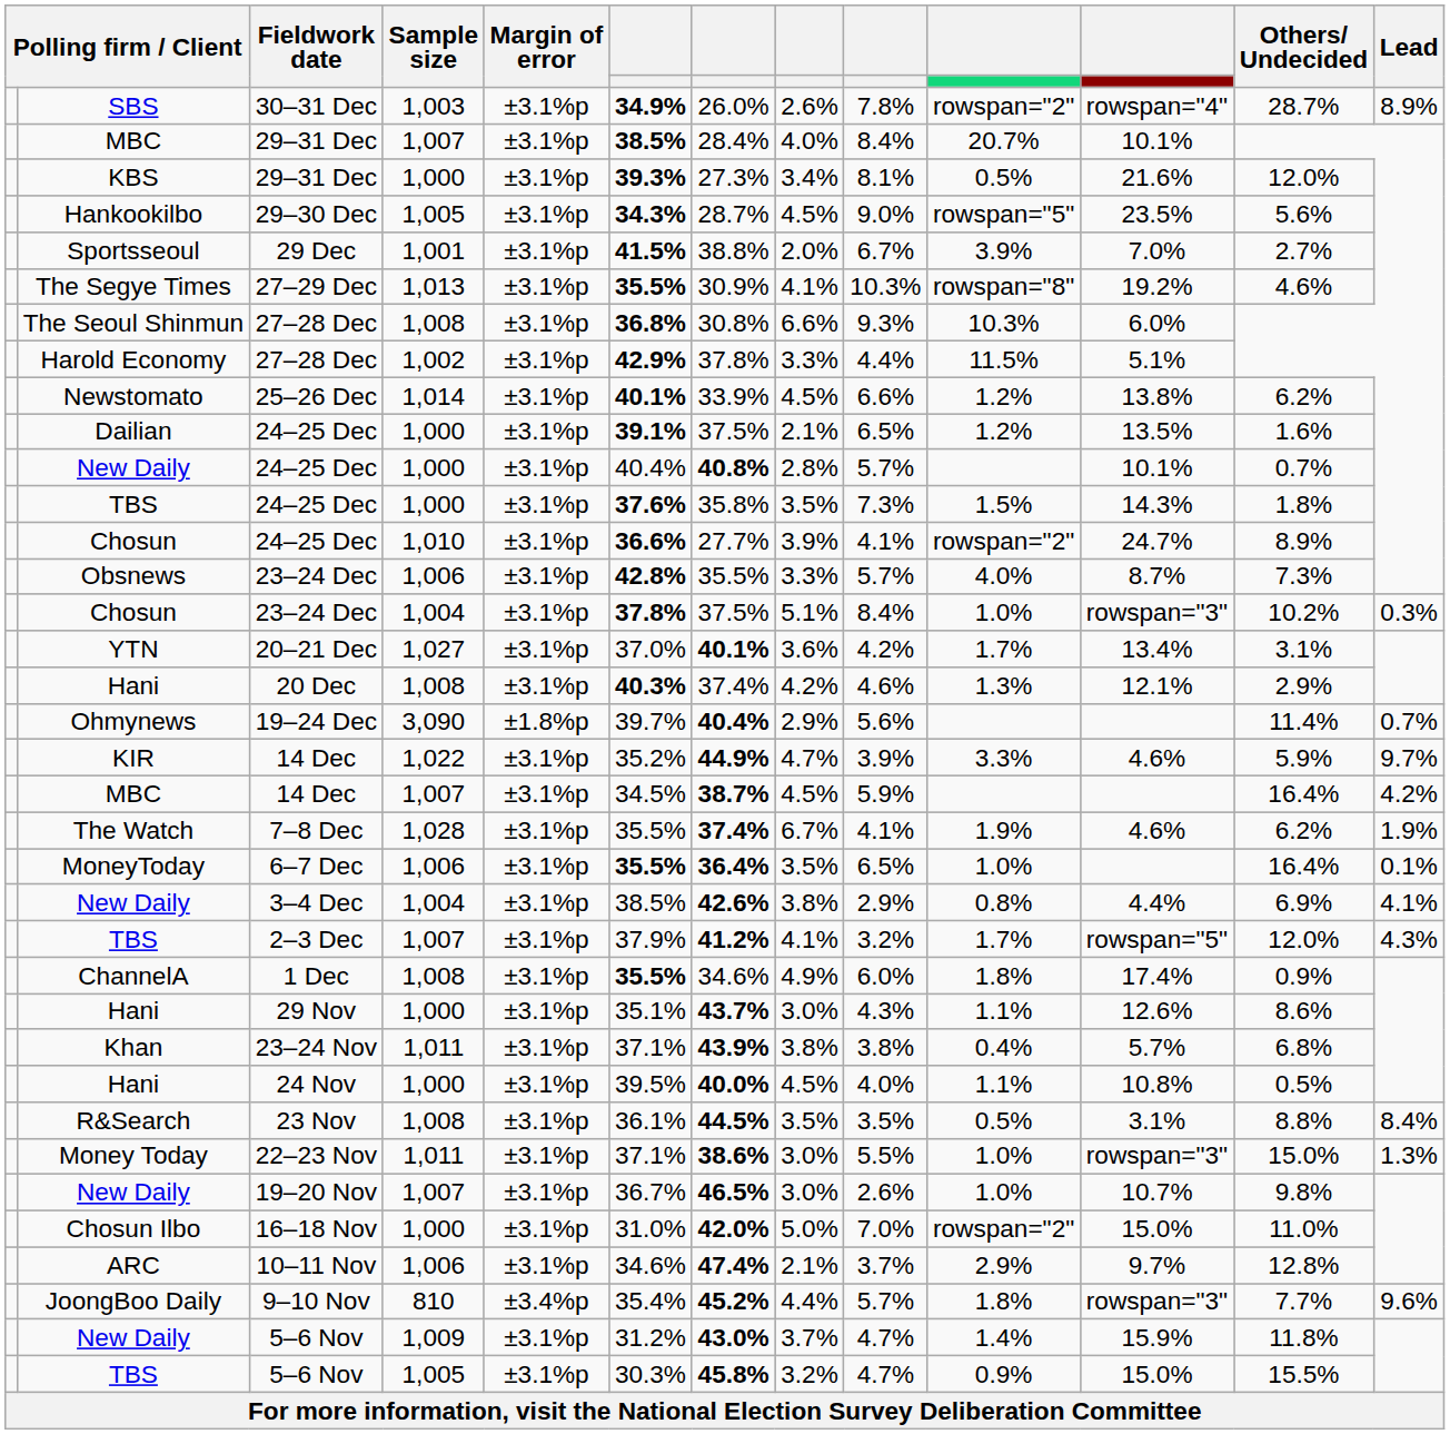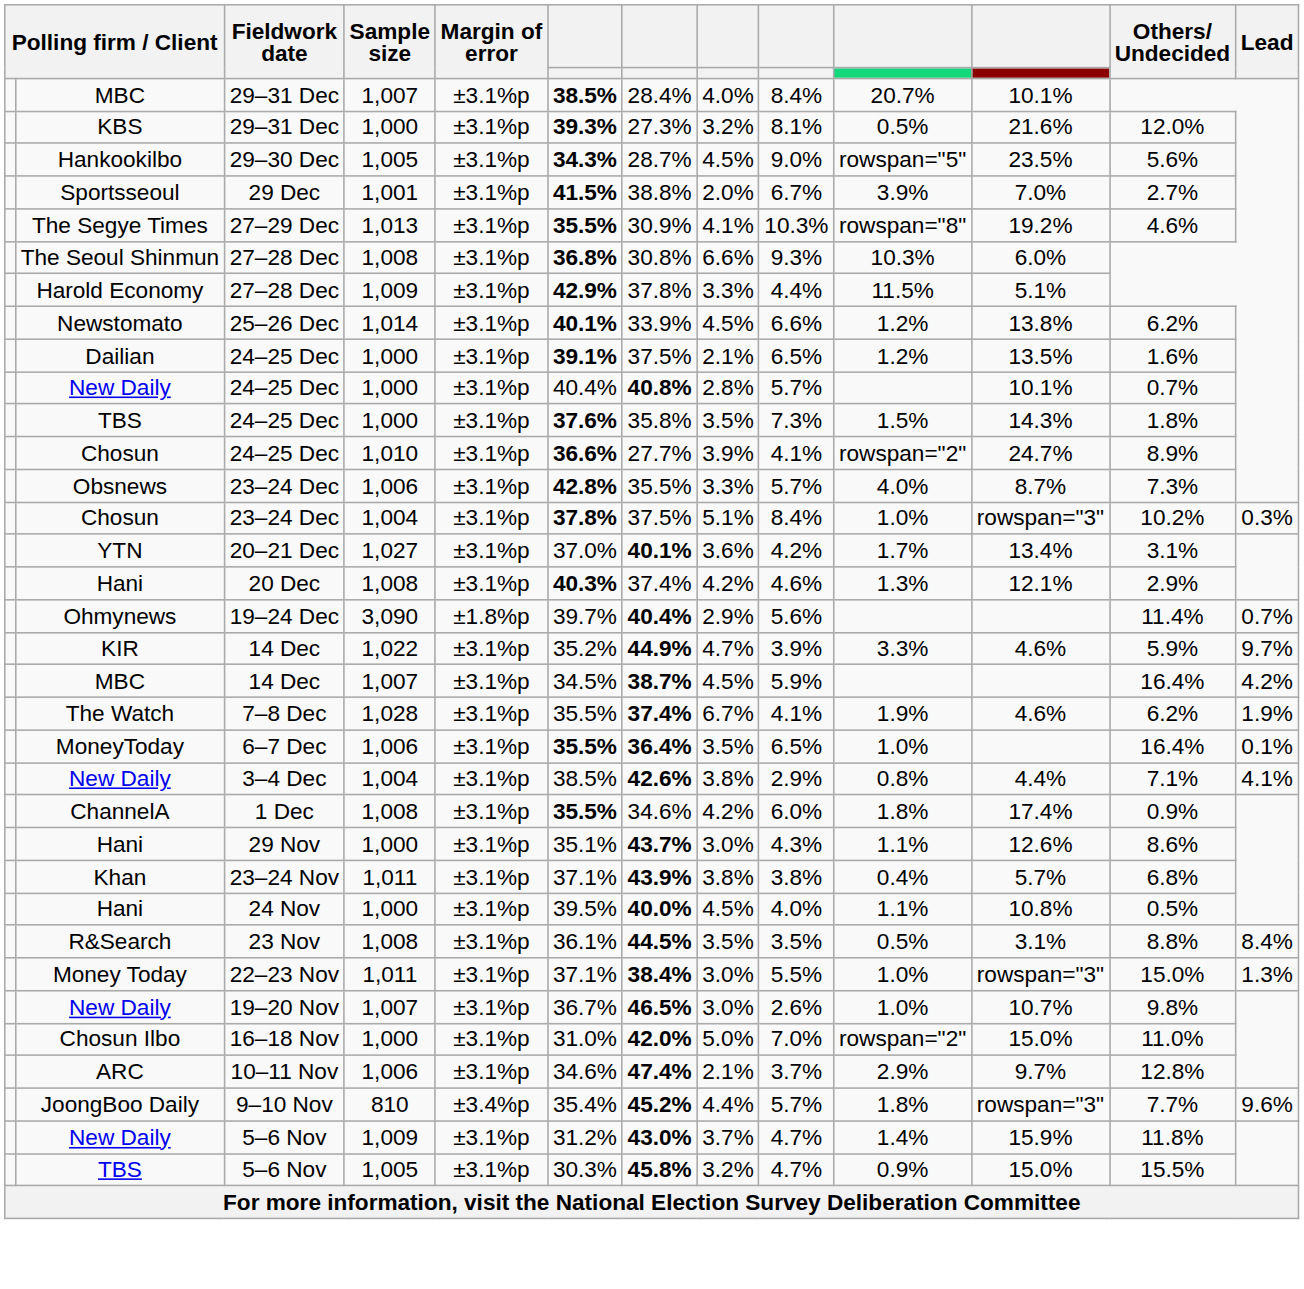 <table class="wikitable sortable mw-collapsible" style="text-align:center;font-size:90%;line-height:14px;">
 <tr style="height:40px;">
 <th rowspan="2" colspan="2" class="unsortable">Polling firm / Client</th>
 <th rowspan="2" class="unsortable">Fieldwork <br> date</th>
 <th rowspan="2" class="unsortable">Sample <br> size</th>
 <th rowspan="2" class="unsortable">Margin of <br> error</th>
 <th></th>
 <th></th>
 <th></th>
 <th></th>
 <th></th>
 <th></th>
 <th rowspan="2">Others/<br>Undecided</th>
 <th rowspan="2">Lead</th>
 </tr>
 <tr>
 <th class="unsortable" style="background-color: "></th>
 <th class="unsortable" style="background-color: "></th>
 <th class="unsortable" style="background-color: "></th>
 <th class="unsortable" style="background-color: "></th>
 <th class="unsortable" style="background-color: #12D77B"></th>
 <th class="unsortable" style="background-color: #8B0000"></th>
 </tr>
 <tr>
 <td></td>
-<td><a href='#'>SBS</a></td>
-<td>30–31 Dec</td>
-<td>1,003</td>
-<td>±3.1%p</td>
-<td><strong>34.9%</strong></td>
-<td>26.0%</td>
-<td>2.6%</td>
-<td>7.8%</td>
-<td>rowspan="2" </td>
-<td>rowspan="4" </td>
-<td>28.7%</td>
-<td style="background:">8.9%</td>
-</tr>
-<tr>
-<td></td>
 <td>MBC</td>
 <td>29–31 Dec</td>
 <td>1,007</td>
 <td>±3.1%p</td>
 <td><strong>38.5%</strong></td>
 <td>28.4%</td>
 <td>4.0%</td>
 <td>8.4%</td>
 <td>20.7%</td>
 <td style="background:">10.1%</td>
 </tr>
 <tr>
 <td></td>
 <td>KBS</td>
 <td>29–31 Dec</td>
 <td>1,000</td>
 <td>±3.1%p</td>
 <td><strong>39.3%</strong></td>
 <td>27.3%</td>
-<td>3.4%</td>
+<td>3.2%</td>
 <td>8.1%</td>
 <td>0.5%</td>
 <td>21.6%</td>
 <td style="background:">12.0%</td>
 </tr>
 <tr>
 <td></td>
 <td>Hankookilbo</td>
 <td>29–30 Dec</td>
 <td>1,005</td>
 <td>±3.1%p</td>
 <td><strong>34.3%</strong></td>
 <td>28.7%</td>
 <td>4.5%</td>
 <td>9.0%</td>
 <td>rowspan="5" </td>
 <td>23.5%</td>
 <td style="background:">5.6%</td>
 </tr>
 <tr>
 <td></td>
 <td>Sportsseoul</td>
 <td>29 Dec</td>
 <td>1,001</td>
 <td>±3.1%p</td>
 <td><strong>41.5%</strong></td>
 <td>38.8%</td>
 <td>2.0%</td>
 <td>6.7%</td>
 <td>3.9%</td>
 <td>7.0%</td>
 <td style="background:">2.7%</td>
 </tr>
 <tr>
 <td></td>
 <td>The Segye Times</td>
 <td>27–29 Dec</td>
 <td>1,013</td>
 <td>±3.1%p</td>
 <td><strong>35.5%</strong></td>
 <td>30.9%</td>
 <td>4.1%</td>
 <td>10.3%</td>
 <td>rowspan="8" </td>
 <td>19.2%</td>
 <td style="background:">4.6%</td>
 </tr>
 <tr>
 <td></td>
 <td>The Seoul Shinmun</td>
 <td>27–28 Dec</td>
 <td>1,008</td>
 <td>±3.1%p</td>
 <td><strong>36.8%</strong></td>
 <td>30.8%</td>
 <td>6.6%</td>
 <td>9.3%</td>
 <td>10.3%</td>
 <td style="background:">6.0%</td>
 </tr>
 <tr>
 <td></td>
 <td>Harold Economy</td>
 <td>27–28 Dec</td>
-<td>1,002</td>
+<td>1,009</td>
 <td>±3.1%p</td>
 <td><strong>42.9%</strong></td>
 <td>37.8%</td>
 <td>3.3%</td>
 <td>4.4%</td>
 <td>11.5%</td>
 <td style="background:">5.1%</td>
 </tr>
 <tr>
 <td></td>
 <td>Newstomato</td>
 <td>25–26 Dec</td>
 <td>1,014</td>
 <td>±3.1%p</td>
 <td><strong>40.1%</strong></td>
 <td>33.9%</td>
 <td>4.5%</td>
 <td>6.6%</td>
 <td>1.2%</td>
 <td>13.8%</td>
 <td style="background:">6.2%</td>
 </tr>
 <tr>
 <td></td>
 <td>Dailian</td>
 <td>24–25 Dec</td>
 <td>1,000</td>
 <td>±3.1%p</td>
 <td><strong>39.1%</strong></td>
 <td>37.5%</td>
 <td>2.1%</td>
 <td>6.5%</td>
 <td>1.2%</td>
 <td>13.5%</td>
 <td style="background:">1.6%</td>
 </tr>
 <tr>
 <td></td>
 <td><a href='#'>New Daily</a></td>
 <td>24–25 Dec</td>
 <td>1,000</td>
 <td>±3.1%p</td>
 <td>40.4%</td>
 <td><strong>40.8%</strong></td>
 <td>2.8%</td>
 <td>5.7%</td>
 <td></td>
 <td>10.1%</td>
 <td style="background:">0.7%</td>
 </tr>
 <tr>
 <td></td>
 <td>TBS</td>
 <td>24–25 Dec</td>
 <td>1,000</td>
 <td>±3.1%p</td>
 <td><strong>37.6%</strong></td>
 <td>35.8%</td>
 <td>3.5%</td>
 <td>7.3%</td>
 <td>1.5%</td>
 <td>14.3%</td>
 <td style="background:">1.8%</td>
 </tr>
 <tr>
 <td></td>
 <td>Chosun</td>
 <td>24–25 Dec</td>
 <td>1,010</td>
 <td>±3.1%p</td>
 <td><strong>36.6%</strong></td>
 <td>27.7%</td>
 <td>3.9%</td>
 <td>4.1%</td>
 <td>rowspan="2" </td>
 <td>24.7%</td>
 <td style="background:">8.9%</td>
 </tr>
 <tr>
 <td></td>
 <td>Obsnews</td>
 <td>23–24 Dec</td>
 <td>1,006</td>
 <td>±3.1%p</td>
 <td><strong>42.8%</strong></td>
 <td>35.5%</td>
 <td>3.3%</td>
 <td>5.7%</td>
 <td>4.0%</td>
 <td>8.7%</td>
 <td style="background:">7.3%</td>
 </tr>
 <tr>
 <td></td>
 <td>Chosun</td>
 <td>23–24 Dec</td>
 <td>1,004</td>
 <td>±3.1%p</td>
 <td><strong>37.8%</strong></td>
 <td>37.5%</td>
 <td>5.1%</td>
 <td>8.4%</td>
 <td>1.0%</td>
 <td>rowspan="3" </td>
 <td>10.2%</td>
 <td style="background:">0.3%</td>
 </tr>
 <tr>
 <td> </td>
 <td>YTN</td>
 <td>20–21 Dec</td>
 <td>1,027</td>
 <td>±3.1%p</td>
 <td>37.0%</td>
 <td><strong>40.1%</strong></td>
 <td>3.6%</td>
 <td>4.2%</td>
 <td>1.7%</td>
 <td>13.4%</td>
 <td style="background:">3.1%</td>
 </tr>
 <tr>
 <td></td>
 <td>Hani</td>
 <td>20 Dec</td>
 <td>1,008</td>
 <td>±3.1%p</td>
 <td><strong>40.3%</strong></td>
 <td>37.4%</td>
 <td>4.2%</td>
 <td>4.6%</td>
 <td>1.3%</td>
 <td>12.1%</td>
 <td style="background:">2.9%</td>
 </tr>
 <tr>
 <td></td>
 <td>Ohmynews</td>
 <td>19–24 Dec</td>
 <td>3,090</td>
 <td>±1.8%p</td>
 <td>39.7%</td>
 <td><strong>40.4%</strong></td>
 <td>2.9%</td>
 <td>5.6%</td>
 <td></td>
 <td></td>
 <td>11.4%</td>
 <td style="background:">0.7%</td>
 </tr>
 <tr>
 <td></td>
 <td>KIR</td>
 <td>14 Dec</td>
 <td>1,022</td>
 <td>±3.1%p</td>
 <td>35.2%</td>
 <td><strong>44.9%</strong></td>
 <td>4.7%</td>
 <td>3.9%</td>
 <td>3.3%</td>
 <td>4.6%</td>
 <td>5.9%</td>
 <td style="background:">9.7%</td>
 </tr>
 <tr>
 <td></td>
 <td>MBC</td>
 <td>14 Dec</td>
 <td>1,007</td>
 <td>±3.1%p</td>
 <td>34.5%</td>
 <td><strong>38.7%</strong></td>
 <td>4.5%</td>
 <td>5.9%</td>
 <td></td>
 <td></td>
 <td>16.4%</td>
 <td style="background:">4.2%</td>
 </tr>
 <tr>
 <td></td>
 <td>The Watch</td>
 <td>7–8 Dec</td>
 <td>1,028</td>
 <td>±3.1%p</td>
 <td>35.5%</td>
 <td><strong>37.4%</strong></td>
 <td>6.7%</td>
 <td>4.1%</td>
 <td>1.9%</td>
 <td>4.6%</td>
 <td>6.2%</td>
 <td style="background:">1.9%</td>
 </tr>
 <tr>
 <td></td>
 <td>MoneyToday</td>
 <td>6–7 Dec</td>
 <td>1,006</td>
 <td>±3.1%p</td>
 <td><strong>35.5%</strong></td>
 <td><strong>36.4%</strong></td>
 <td>3.5%</td>
 <td>6.5%</td>
 <td>1.0%</td>
 <td></td>
 <td>16.4%</td>
 <td style="background:">0.1%</td>
 </tr>
 <tr>
 <td></td>
 <td><a href='#'>New Daily</a></td>
 <td>3–4 Dec</td>
 <td>1,004</td>
 <td>±3.1%p</td>
 <td>38.5%</td>
 <td><strong>42.6%</strong></td>
 <td>3.8%</td>
 <td>2.9%</td>
 <td>0.8%</td>
 <td>4.4%</td>
-<td>6.9%</td>
+<td>7.1%</td>
 <td style="background:">4.1%</td>
-</tr>
-<tr>
-<td></td>
-<td><a href='#'>TBS</a></td>
-<td>2–3 Dec</td>
-<td>1,007</td>
-<td>±3.1%p</td>
-<td>37.9%</td>
-<td><strong>41.2%</strong></td>
-<td>4.1%</td>
-<td>3.2%</td>
-<td>1.7%</td>
-<td>rowspan="5" </td>
-<td>12.0%</td>
-<td style="background:">4.3%</td>
 </tr>
 <tr>
 <td></td>
 <td>ChannelA</td>
 <td>1 Dec</td>
 <td>1,008</td>
 <td>±3.1%p</td>
 <td><strong>35.5%</strong></td>
 <td>34.6%</td>
-<td>4.9%</td>
+<td>4.2%</td>
 <td>6.0%</td>
 <td>1.8%</td>
 <td>17.4%</td>
 <td style="background:">0.9%</td>
 </tr>
 <tr>
 <td></td>
 <td>Hani</td>
 <td>29 Nov</td>
 <td>1,000</td>
 <td>±3.1%p</td>
 <td>35.1%</td>
 <td><strong>43.7%</strong></td>
 <td>3.0%</td>
 <td>4.3%</td>
 <td>1.1%</td>
 <td>12.6%</td>
 <td style="background:">8.6%</td>
 </tr>
 <tr>
 <td></td>
 <td>Khan</td>
 <td>23–24 Nov</td>
 <td>1,011</td>
 <td>±3.1%p</td>
 <td>37.1%</td>
 <td><strong>43.9%</strong></td>
 <td>3.8%</td>
 <td>3.8%</td>
 <td>0.4%</td>
 <td>5.7%</td>
 <td style="background:">6.8%</td>
 </tr>
 <tr>
 <td></td>
 <td>Hani</td>
 <td>24 Nov</td>
 <td>1,000</td>
 <td>±3.1%p</td>
 <td>39.5%</td>
 <td><strong>40.0%</strong></td>
 <td>4.5%</td>
 <td>4.0%</td>
 <td>1.1%</td>
 <td>10.8%</td>
 <td style="background:">0.5%</td>
 </tr>
 <tr>
 <td></td>
 <td>R&Search</td>
 <td>23 Nov</td>
 <td>1,008</td>
 <td>±3.1%p</td>
 <td>36.1%</td>
 <td><strong>44.5%</strong></td>
 <td>3.5%</td>
 <td>3.5%</td>
 <td>0.5%</td>
 <td>3.1%</td>
 <td>8.8%</td>
 <td style="background:">8.4%</td>
 </tr>
 <tr>
 <td></td>
 <td>Money Today</td>
 <td>22–23 Nov</td>
 <td>1,011</td>
 <td>±3.1%p</td>
 <td>37.1%</td>
-<td><strong>38.6%</strong></td>
+<td><strong>38.4%</strong></td>
 <td>3.0%</td>
 <td>5.5%</td>
 <td>1.0%</td>
 <td>rowspan="3" </td>
 <td>15.0%</td>
 <td style="background:">1.3%</td>
 </tr>
 <tr>
 <td></td>
 <td><a href='#'>New Daily</a></td>
 <td>19–20 Nov</td>
 <td>1,007</td>
 <td>±3.1%p</td>
 <td>36.7%</td>
 <td><strong>46.5%</strong></td>
 <td>3.0%</td>
 <td>2.6%</td>
 <td>1.0%</td>
 <td>10.7%</td>
 <td style="background:">9.8%</td>
 </tr>
 <tr>
 <td></td>
 <td>Chosun Ilbo</td>
 <td>16–18 Nov</td>
 <td>1,000</td>
 <td>±3.1%p</td>
 <td>31.0%</td>
 <td><strong>42.0%</strong></td>
 <td>5.0%</td>
 <td>7.0%</td>
 <td>rowspan="2" </td>
 <td>15.0%</td>
 <td style="background:">11.0%</td>
 </tr>
 <tr>
 <td></td>
 <td>ARC</td>
 <td>10–11 Nov</td>
 <td>1,006</td>
 <td>±3.1%p</td>
 <td>34.6%</td>
 <td><strong>47.4%</strong></td>
 <td>2.1%</td>
 <td>3.7%</td>
 <td>2.9%</td>
 <td>9.7%</td>
 <td style="background:">12.8%</td>
 </tr>
 <tr>
 <td></td>
 <td>JoongBoo Daily</td>
 <td>9–10 Nov</td>
 <td>810</td>
 <td>±3.4%p</td>
 <td>35.4%</td>
 <td><strong>45.2%</strong></td>
 <td>4.4%</td>
 <td>5.7%</td>
 <td>1.8%</td>
 <td>rowspan="3" </td>
 <td>7.7%</td>
 <td style="background:">9.6%</td>
 </tr>
 <tr>
 <td></td>
 <td><a href='#'>New Daily</a></td>
 <td>5–6 Nov</td>
 <td>1,009</td>
 <td>±3.1%p</td>
 <td>31.2%</td>
 <td><strong>43.0%</strong></td>
 <td>3.7%</td>
 <td>4.7%</td>
 <td>1.4%</td>
 <td>15.9%</td>
 <td style="background:">11.8%</td>
 </tr>
 <tr>
 <td></td>
 <td><a href='#'>TBS</a></td>
 <td>5–6 Nov</td>
 <td>1,005</td>
 <td>±3.1%p</td>
 <td>30.3%</td>
 <td><strong>45.8%</strong></td>
 <td>3.2%</td>
 <td>4.7%</td>
 <td>0.9%</td>
 <td>15.0%</td>
 <td style="background:">15.5%</td>
 </tr>
 <tr>
 <th colspan="13">For more information, visit the National Election Survey Deliberation Committee</th>
 </tr>
 </table>
